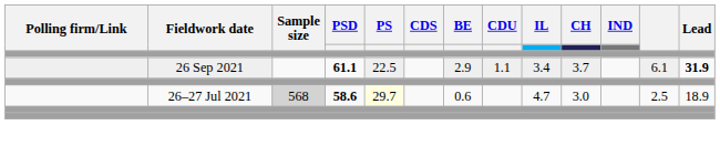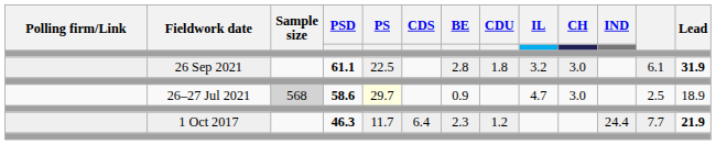 <table class="wikitable sortable mw-datatable" style="text-align:center;font-size:90%;line-height:16px;">
 <tr style="height:42px;">
 <th style="width:145px;" rowspan="2">Polling firm/Link</th>
 <th style="width:125px;" rowspan="2">Fieldwork date</th>
 <th class="unsortable" style="width:50px;" rowspan="2">Sample size</th>
 <th class="unsortable" style="width:35px;"><a href='#'>PSD</a></th>
 <th class="unsortable" style="width:35px;"><a href='#'>PS</a></th>
 <th class="unsortable" style="width:35px;"><a href='#'>CDS</a></th>
 <th class="unsortable" style="width:35px;"><a href='#'>BE</a></th>
 <th class="unsortable" style="width:35px;"><a href='#'>CDU</a></th>
 <th class="unsortable" style="width:35px;"><a href='#'>IL</a></th>
 <th class="unsortable" style="width:35px;"><a href='#'>CH</a></th>
 <th class="unsortable" style="width:35px;"><a href='#'>IND</a></th>
 <th class="unsortable" style="width:35px;" rowspan="2"></th>
 <th class="unsortable" style="width:30px;" rowspan="2">Lead</th>
 </tr>
 <tr>
 <th class="unsortable" style="color:inherit;background:"></th>
 <th class="unsortable" style="color:inherit;background:"></th>
 <th class="unsortable" style="color:inherit;background:"></th>
 <th class="unsortable" style="color:inherit;background:"></th>
 <th class="unsortable" style="color:inherit;background:"></th>
 <th class="sortable" style="background:#00ADEF;"></th>
 <th class="unsortable" style="color:inherit;background:#202056;"></th>
 <th class="unsortable" style="color:inherit;background:#777777;"></th>
 </tr>
 <tr>
 <td colspan="13" style="background:#A0A0A0"></td>
 </tr>
 <tr>
 <td style="background:#EFEFEF;"><strong></strong></td>
 <td style="background:#EFEFEF;" data-sort-value="2019-10-06">26 Sep 2021</td>
 <td></td>
 <td><strong>61.1</strong><br></td>
 <td style="background:#EFEFEF;">22.5<br></td>
 <td></td>
-<td style="background:#EFEFEF;">2.9<br></td>
-<td style="background:#EFEFEF;">1.1<br></td>
-<td style="background:#EFEFEF;">3.4<br></td>
-<td style="background:#EFEFEF;">3.7<br></td>
+<td style="background:#EFEFEF;">2.8<br></td>
+<td style="background:#EFEFEF;">1.8<br></td>
+<td style="background:#EFEFEF;">3.2<br></td>
+<td style="background:#EFEFEF;">3.0<br></td>
 <td></td>
 <td style="background:#EFEFEF;">6.1</td>
 <td style="background:"><strong>31.9</strong></td>
 </tr>
 <tr>
 <td colspan="13" style="background:#A0A0A0"></td>
 </tr>
 <tr>
 <td align="center"></td>
 <td align="center">26–27 Jul 2021</td>
 <td align="center" style="background: lightgrey;">568</td>
 <td align="center" ><strong>58.6</strong></td>
 <td align="center" style="background: lightyellow;">29.7</td>
 <td></td>
-<td align="center">0.6</td>
+<td align="center">0.9</td>
 <td></td>
 <td align="center">4.7</td>
 <td align="center">3.0</td>
 <td></td>
 <td align="center">2.5</td>
 <td style="background:">18.9</td>
 </tr>
 <tr>
 <td colspan="13" style="background:#A0A0A0"></td>
 </tr>
 <tr>
+<td style="background:#EFEFEF;"><strong></strong></td>
+<td style="background:#EFEFEF;" data-sort-value="2019-10-06">1 Oct 2017</td>
+<td></td>
+<td><strong>46.3</strong><br></td>
+<td style="background:#EFEFEF;">11.7<br></td>
+<td style="background:#EFEFEF;">6.4<br></td>
+<td style="background:#EFEFEF;">2.3<br></td>
+<td style="background:#EFEFEF;">1.2<br></td>
+<td></td>
+<td></td>
+<td style="background:#EFEFEF;">24.4<br></td>
+<td style="background:#EFEFEF;">7.7<br></td>
+<td style="background:"><strong>21.9</strong></td>
+</tr>
+<tr>
 <td colspan="13" style="background:#A0A0A0"></td>
 </tr>
 </table>
